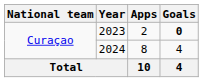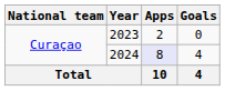 <table class="wikitable" style="text-align:center">
 <tr>
 <th>National team</th>
 <th>Year</th>
 <th>Apps</th>
 <th>Goals</th>
 </tr>
 <tr>
 <td rowspan=2><a href='#'>Curaçao</a></td>
 <td>2023</td>
 <td>2</td>
-<td><strong>0</strong></td>
+<td>0</td>
 </tr>
 <tr>
 <td>2024</td>
-<td>8</td>
+<td style="background: lavender;">8</td>
 <td>4</td>
 </tr>
 <tr>
 <th colspan=2>Total</th>
 <th>10</th>
 <th>4</th>
 </tr>
 </table>
